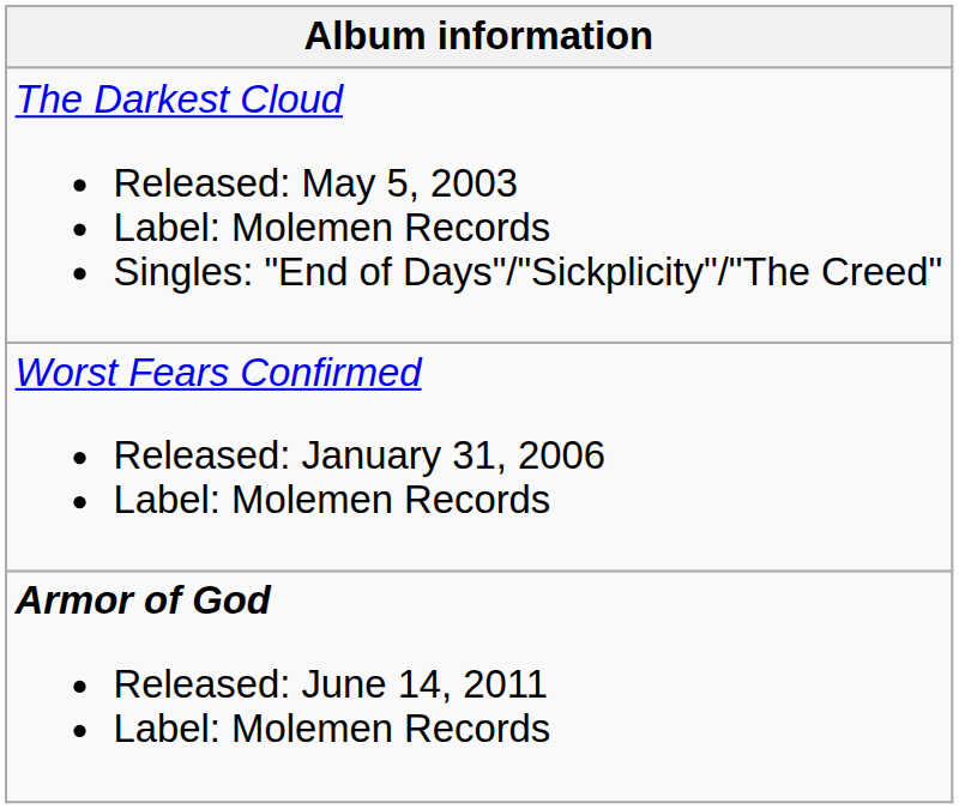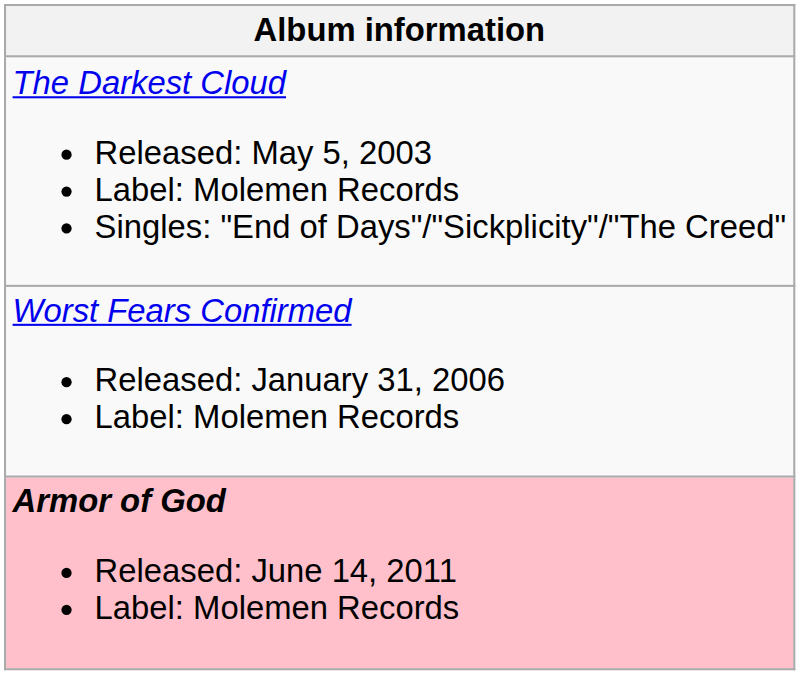 <table class="wikitable">
 <tr>
 <th align="left">Album information</th>
 </tr>
 <tr>
 <td align="left"><em><a href='#'>The Darkest Cloud</a></em><br><ul><li>Released: May 5, 2003</li><li>Label: Molemen Records</li><li>Singles: "End of Days"/"Sickplicity"/"The Creed"</li></ul></td>
 </tr>
 <tr>
 <td align="left"><em><a href='#'>Worst Fears Confirmed</a></em><br><ul><li>Released: January 31, 2006</li><li>Label: Molemen Records</li></ul></td>
 </tr>
 <tr>
-<td align="left"><strong><em>Armor of God</em></strong><br><ul><li>Released: June 14, 2011</li><li>Label: Molemen Records</li></ul></td>
+<td align="left" style="background: pink;"><strong><em>Armor of God</em></strong><br><ul><li>Released: June 14, 2011</li><li>Label: Molemen Records</li></ul></td>
 </tr>
 </table>
